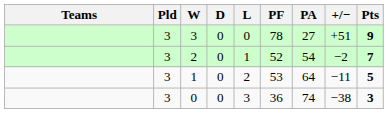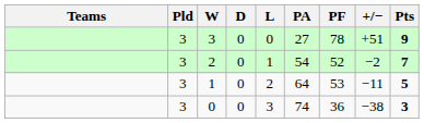 <table class="wikitable" style="text-align: center;">
 <tr>
 <th width="175">Teams</th>
 <th width="25">Pld</th>
 <th width="25">W</th>
 <th width="25">D</th>
 <th width="25">L</th>
+<th width="32">PA</th>
 <th width="32">PF</th>
-<th width="32">PA</th>
 <th width="32">+/−</th>
 <th width="25">Pts</th>
 </tr>
 <tr bgcolor=ccffcc>
 <td align=left></td>
 <td>3</td>
 <td>3</td>
 <td>0</td>
 <td>0</td>
+<td>27</td>
 <td>78</td>
-<td>27</td>
 <td>+51</td>
 <td><strong>9</strong></td>
 </tr>
 <tr bgcolor=ccffcc>
 <td align=left></td>
 <td>3</td>
 <td>2</td>
 <td>0</td>
 <td>1</td>
+<td>54</td>
 <td>52</td>
-<td>54</td>
 <td>−2</td>
 <td><strong>7</strong></td>
 </tr>
 <tr>
 <td align=left></td>
 <td>3</td>
 <td>1</td>
 <td>0</td>
 <td>2</td>
+<td>64</td>
 <td>53</td>
-<td>64</td>
 <td>−11</td>
 <td><strong>5</strong></td>
 </tr>
 <tr>
 <td align=left></td>
 <td>3</td>
 <td>0</td>
 <td>0</td>
 <td>3</td>
+<td>74</td>
 <td>36</td>
-<td>74</td>
 <td>−38</td>
 <td><strong>3</strong></td>
 </tr>
 </table>
